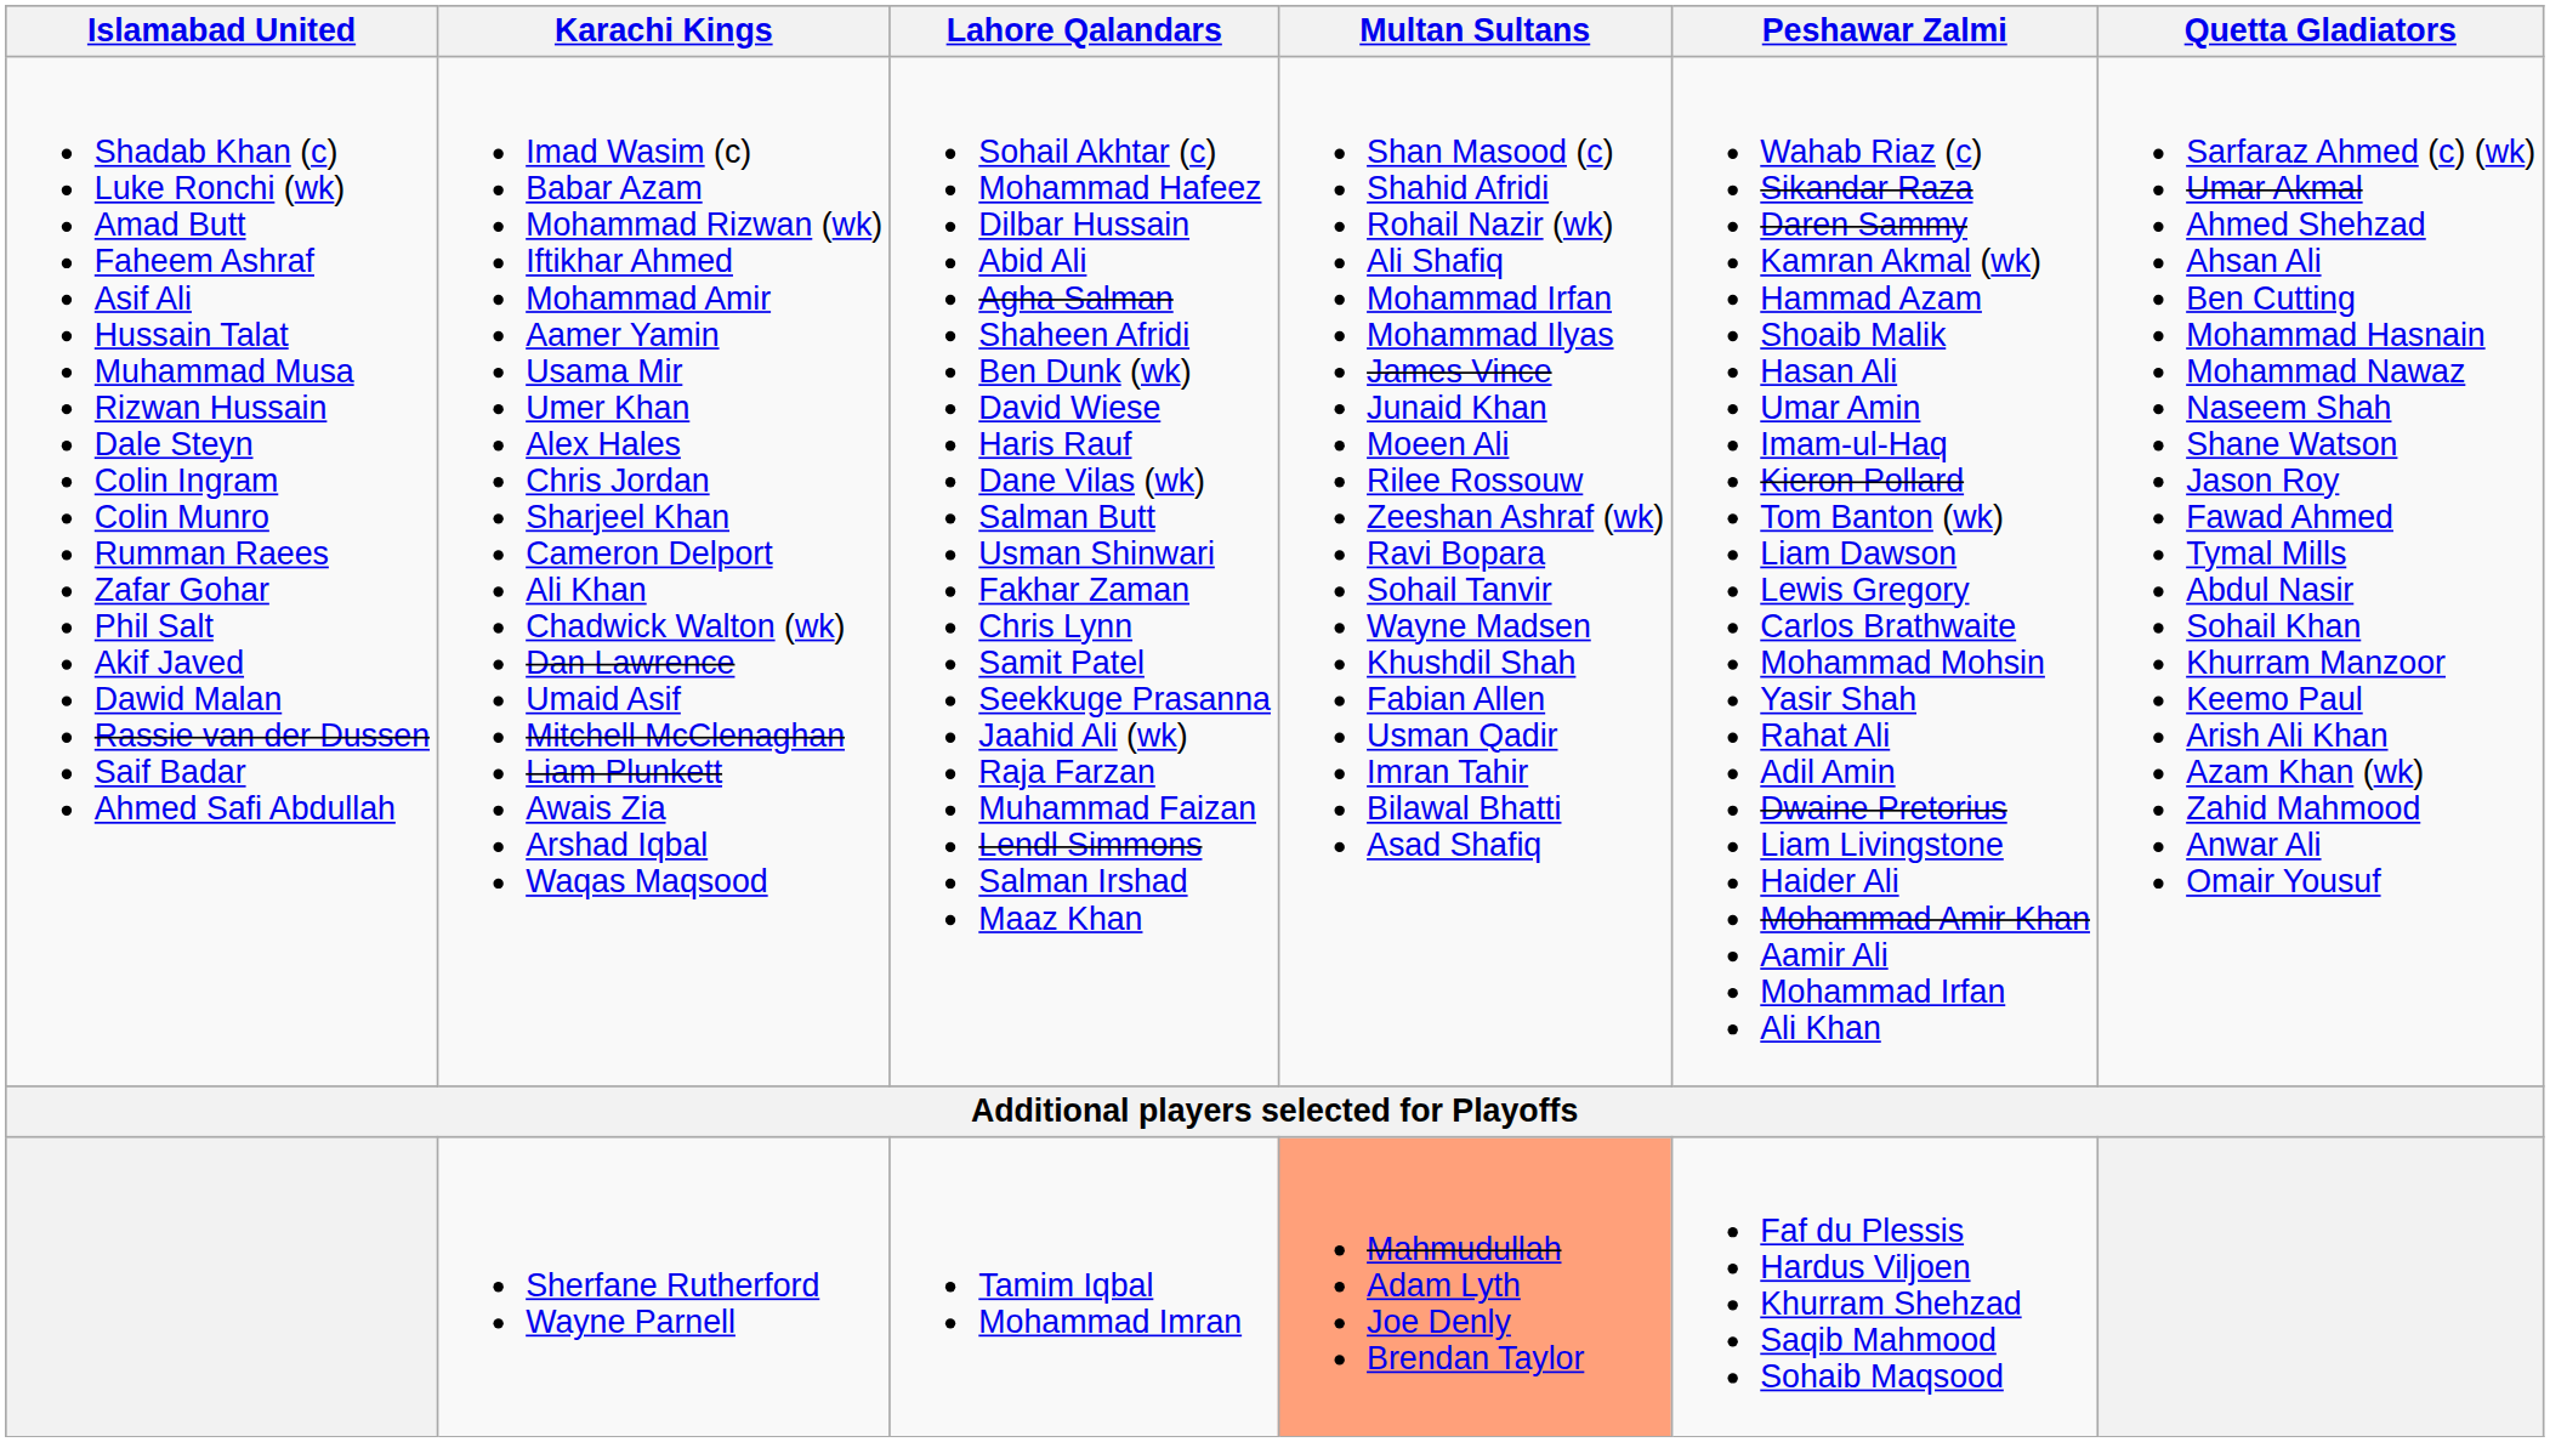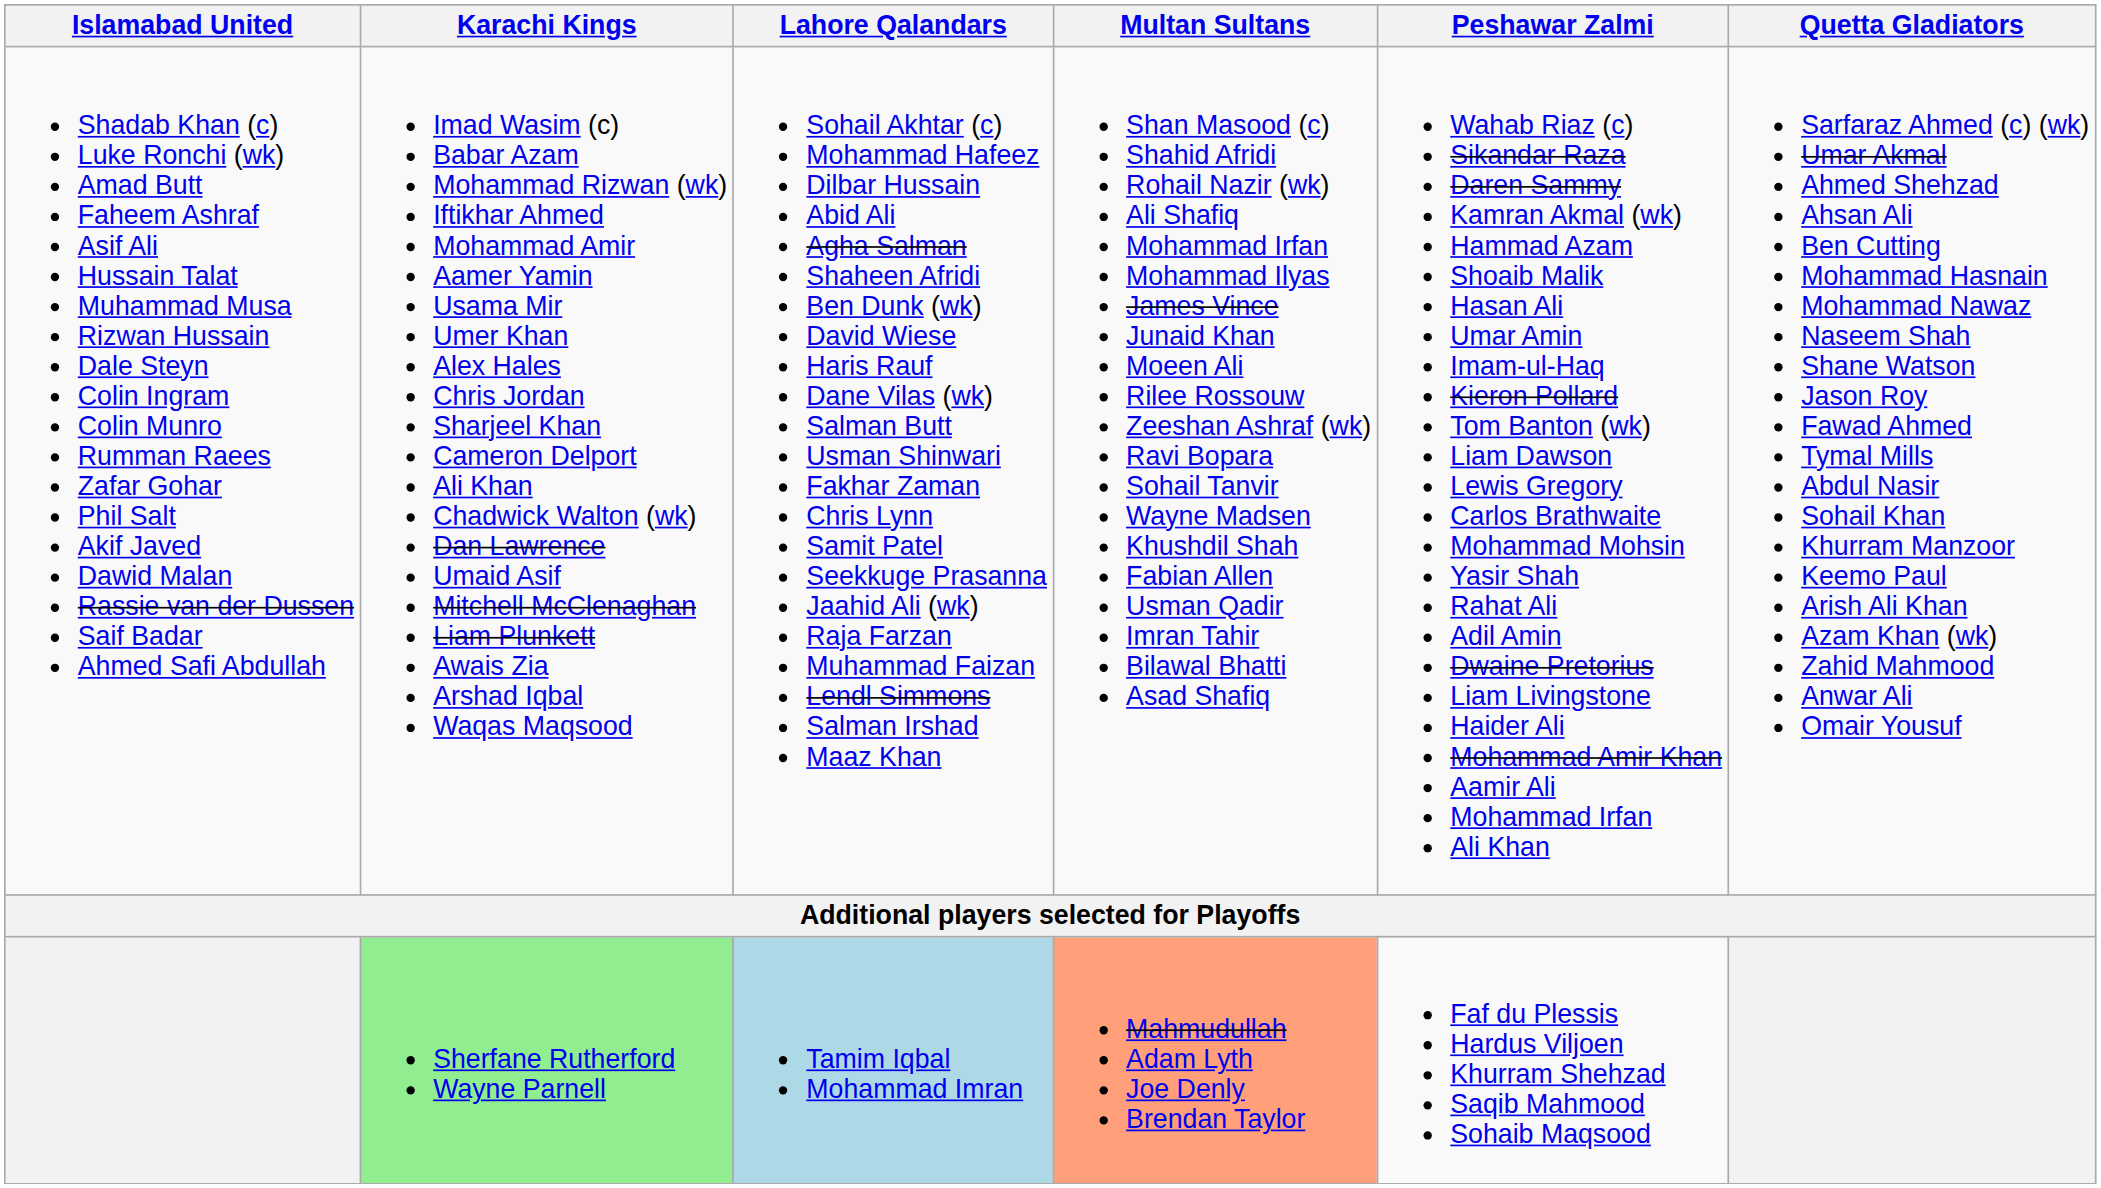 <table class="wikitable">
 <tr>
 <th><a href='#'>Islamabad United</a></th>
 <th><a href='#'>Karachi Kings</a></th>
 <th><a href='#'>Lahore Qalandars</a></th>
 <th><a href='#'>Multan Sultans</a></th>
 <th><a href='#'>Peshawar Zalmi</a></th>
 <th><a href='#'>Quetta Gladiators</a></th>
 </tr>
 <tr>
 <td valign=top><br><ul><li><a href='#'>Shadab Khan</a> (<a href='#'>c</a>)</li><li><a href='#'>Luke Ronchi</a> (<a href='#'>wk</a>)</li><li><a href='#'>Amad Butt</a></li><li><a href='#'>Faheem Ashraf</a></li><li><a href='#'>Asif Ali</a></li><li><a href='#'>Hussain Talat</a></li><li><a href='#'>Muhammad Musa</a></li><li><a href='#'>Rizwan Hussain</a></li><li><a href='#'>Dale Steyn</a></li><li><a href='#'>Colin Ingram</a></li><li><a href='#'>Colin Munro</a></li><li><a href='#'>Rumman Raees</a></li><li><a href='#'>Zafar Gohar</a></li><li><a href='#'>Phil Salt</a></li><li><a href='#'>Akif Javed</a></li><li><a href='#'>Dawid Malan</a></li><li><s><a href='#'>Rassie van der Dussen</a></s></li><li><a href='#'>Saif Badar</a></li><li><a href='#'>Ahmed Safi Abdullah</a></li></ul></td>
 <td valign=top><br><ul><li><a href='#'>Imad Wasim</a> (c)</li><li><a href='#'>Babar Azam</a></li><li><a href='#'>Mohammad Rizwan</a> (<a href='#'>wk</a>)</li><li><a href='#'>Iftikhar Ahmed</a></li><li><a href='#'>Mohammad Amir</a></li><li><a href='#'>Aamer Yamin</a></li><li><a href='#'>Usama Mir</a></li><li><a href='#'>Umer Khan</a></li><li><a href='#'>Alex Hales</a></li><li><a href='#'>Chris Jordan</a></li><li><a href='#'>Sharjeel Khan</a></li><li><a href='#'>Cameron Delport</a></li><li><a href='#'>Ali Khan</a></li><li><a href='#'>Chadwick Walton</a> (<a href='#'>wk</a>)</li><li><s><a href='#'>Dan Lawrence</a></s></li><li><a href='#'>Umaid Asif</a></li><li><s><a href='#'>Mitchell McClenaghan</a></s></li><li><s><a href='#'>Liam Plunkett</a></s></li><li><a href='#'>Awais Zia</a></li><li><a href='#'>Arshad Iqbal</a></li><li><a href='#'>Waqas Maqsood</a></li></ul></td>
 <td valign=top><br><ul><li><a href='#'>Sohail Akhtar</a> (<a href='#'>c</a>)</li><li><a href='#'>Mohammad Hafeez</a></li><li><a href='#'>Dilbar Hussain</a></li><li><a href='#'>Abid Ali</a></li><li><s><a href='#'>Agha Salman</a></s></li><li><a href='#'>Shaheen Afridi</a></li><li><a href='#'>Ben Dunk</a> (<a href='#'>wk</a>)</li><li><a href='#'>David Wiese</a></li><li><a href='#'>Haris Rauf</a></li><li><a href='#'>Dane Vilas</a> (<a href='#'>wk</a>)</li><li><a href='#'>Salman Butt</a></li><li><a href='#'>Usman Shinwari</a></li><li><a href='#'>Fakhar Zaman</a></li><li><a href='#'>Chris Lynn</a></li><li><a href='#'>Samit Patel</a></li><li><a href='#'>Seekkuge Prasanna</a></li><li><a href='#'>Jaahid Ali</a> (<a href='#'>wk</a>)</li><li><a href='#'>Raja Farzan</a></li><li><a href='#'>Muhammad Faizan</a></li><li><s><a href='#'>Lendl Simmons</a></s></li><li><a href='#'>Salman Irshad</a></li><li><a href='#'>Maaz Khan</a></li></ul></td>
 <td valign=top><br><ul><li><a href='#'>Shan Masood</a> (<a href='#'>c</a>)</li><li><a href='#'>Shahid Afridi</a></li><li><a href='#'>Rohail Nazir</a> (<a href='#'>wk</a>)</li><li><a href='#'>Ali Shafiq</a></li><li><a href='#'>Mohammad Irfan</a></li><li><a href='#'>Mohammad Ilyas</a></li><li><s><a href='#'>James Vince</a></s></li><li><a href='#'>Junaid Khan</a></li><li><a href='#'>Moeen Ali</a></li><li><a href='#'>Rilee Rossouw</a></li><li><a href='#'>Zeeshan Ashraf</a> (<a href='#'>wk</a>)</li><li><a href='#'>Ravi Bopara</a></li><li><a href='#'>Sohail Tanvir</a></li><li><a href='#'>Wayne Madsen</a></li><li><a href='#'>Khushdil Shah</a></li><li><a href='#'>Fabian Allen</a></li><li><a href='#'>Usman Qadir</a></li><li><a href='#'>Imran Tahir</a></li><li><a href='#'>Bilawal Bhatti</a></li><li><a href='#'>Asad Shafiq</a></li></ul></td>
 <td valign=top><br><ul><li><a href='#'>Wahab Riaz</a> (<a href='#'>c</a>)</li><li><s><a href='#'>Sikandar Raza</a></s></li><li><s><a href='#'>Daren Sammy</a></s></li><li><a href='#'>Kamran Akmal</a> (<a href='#'>wk</a>)</li><li><a href='#'>Hammad Azam</a></li><li><a href='#'>Shoaib Malik</a></li><li><a href='#'>Hasan Ali</a></li><li><a href='#'>Umar Amin</a></li><li><a href='#'>Imam-ul-Haq</a></li><li><s><a href='#'>Kieron Pollard</a> </s></li><li><a href='#'>Tom Banton</a> (<a href='#'>wk</a>)</li><li><a href='#'>Liam Dawson</a></li><li><a href='#'>Lewis Gregory</a></li><li><a href='#'>Carlos Brathwaite</a></li><li><a href='#'>Mohammad Mohsin</a></li><li><a href='#'>Yasir Shah</a></li><li><a href='#'>Rahat Ali</a></li><li><a href='#'>Adil Amin</a></li><li><s><a href='#'>Dwaine Pretorius</a></s></li><li><a href='#'>Liam Livingstone</a></li><li><a href='#'>Haider Ali</a></li><li><s><a href='#'>Mohammad Amir Khan</a></s></li><li><a href='#'>Aamir Ali</a></li><li><a href='#'>Mohammad Irfan</a></li><li><a href='#'>Ali Khan</a></li></ul></td>
 <td valign=top><br><ul><li><a href='#'>Sarfaraz Ahmed</a> (<a href='#'>c</a>) (<a href='#'>wk</a>)</li><li><s><a href='#'>Umar Akmal</a></s></li><li><a href='#'>Ahmed Shehzad</a></li><li><a href='#'>Ahsan Ali</a></li><li><a href='#'>Ben Cutting</a></li><li><a href='#'>Mohammad Hasnain</a></li><li><a href='#'>Mohammad Nawaz</a></li><li><a href='#'>Naseem Shah</a></li><li><a href='#'>Shane Watson</a></li><li><a href='#'>Jason Roy</a></li><li><a href='#'>Fawad Ahmed</a></li><li><a href='#'>Tymal Mills</a></li><li><a href='#'>Abdul Nasir</a></li><li><a href='#'>Sohail Khan</a></li><li><a href='#'>Khurram Manzoor</a></li><li><a href='#'>Keemo Paul</a></li><li><a href='#'>Arish Ali Khan</a></li><li><a href='#'>Azam Khan</a> (<a href='#'>wk</a>)</li><li><a href='#'>Zahid Mahmood</a></li><li><a href='#'>Anwar Ali</a></li><li><a href='#'>Omair Yousuf</a></li></ul></td>
 </tr>
 <tr>
 <th colspan="6">Additional players selected for Playoffs</th>
 </tr>
 <tr>
 <th></th>
-<td><br><ul><li><a href='#'>Sherfane Rutherford</a></li><li><a href='#'>Wayne Parnell</a></li></ul></td>
-<td><br><ul><li><a href='#'>Tamim Iqbal</a></li><li><a href='#'>Mohammad Imran</a></li></ul></td>
+<td style="background: lightgreen;"><br><ul><li><a href='#'>Sherfane Rutherford</a></li><li><a href='#'>Wayne Parnell</a></li></ul></td>
+<td style="background: lightblue;"><br><ul><li><a href='#'>Tamim Iqbal</a></li><li><a href='#'>Mohammad Imran</a></li></ul></td>
 <td style="background: lightsalmon;"><br><ul><li><s><a href='#'>Mahmudullah</a></s></li><li><a href='#'>Adam Lyth</a></li><li><a href='#'>Joe Denly</a></li><li><a href='#'>Brendan Taylor</a></li></ul></td>
 <td><br><ul><li><a href='#'>Faf du Plessis</a></li><li><a href='#'>Hardus Viljoen</a></li><li><a href='#'>Khurram Shehzad</a></li><li><a href='#'>Saqib Mahmood</a></li><li><a href='#'>Sohaib Maqsood</a></li></ul></td>
 <th></th>
 </tr>
 </table>
